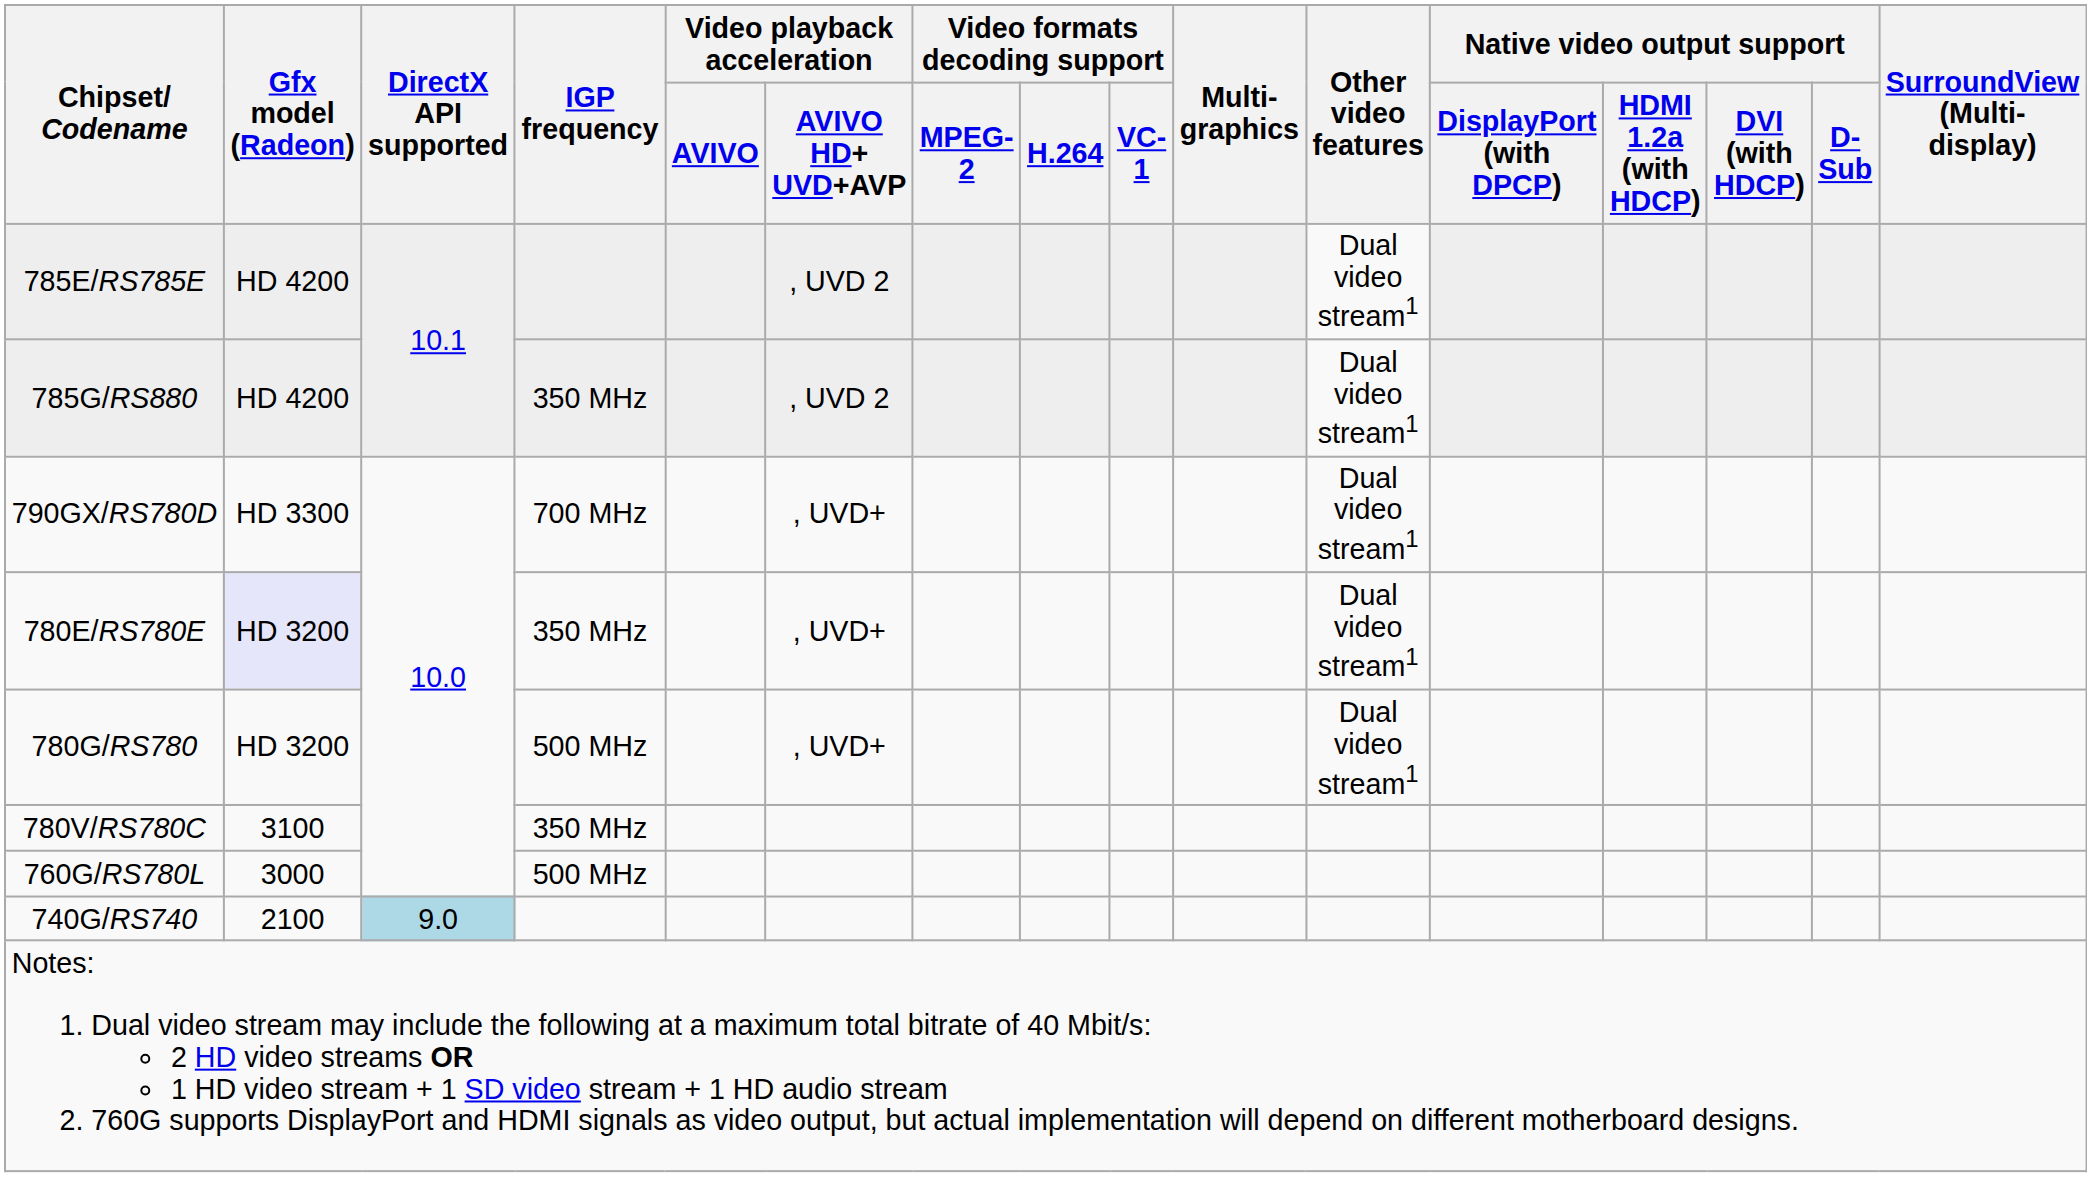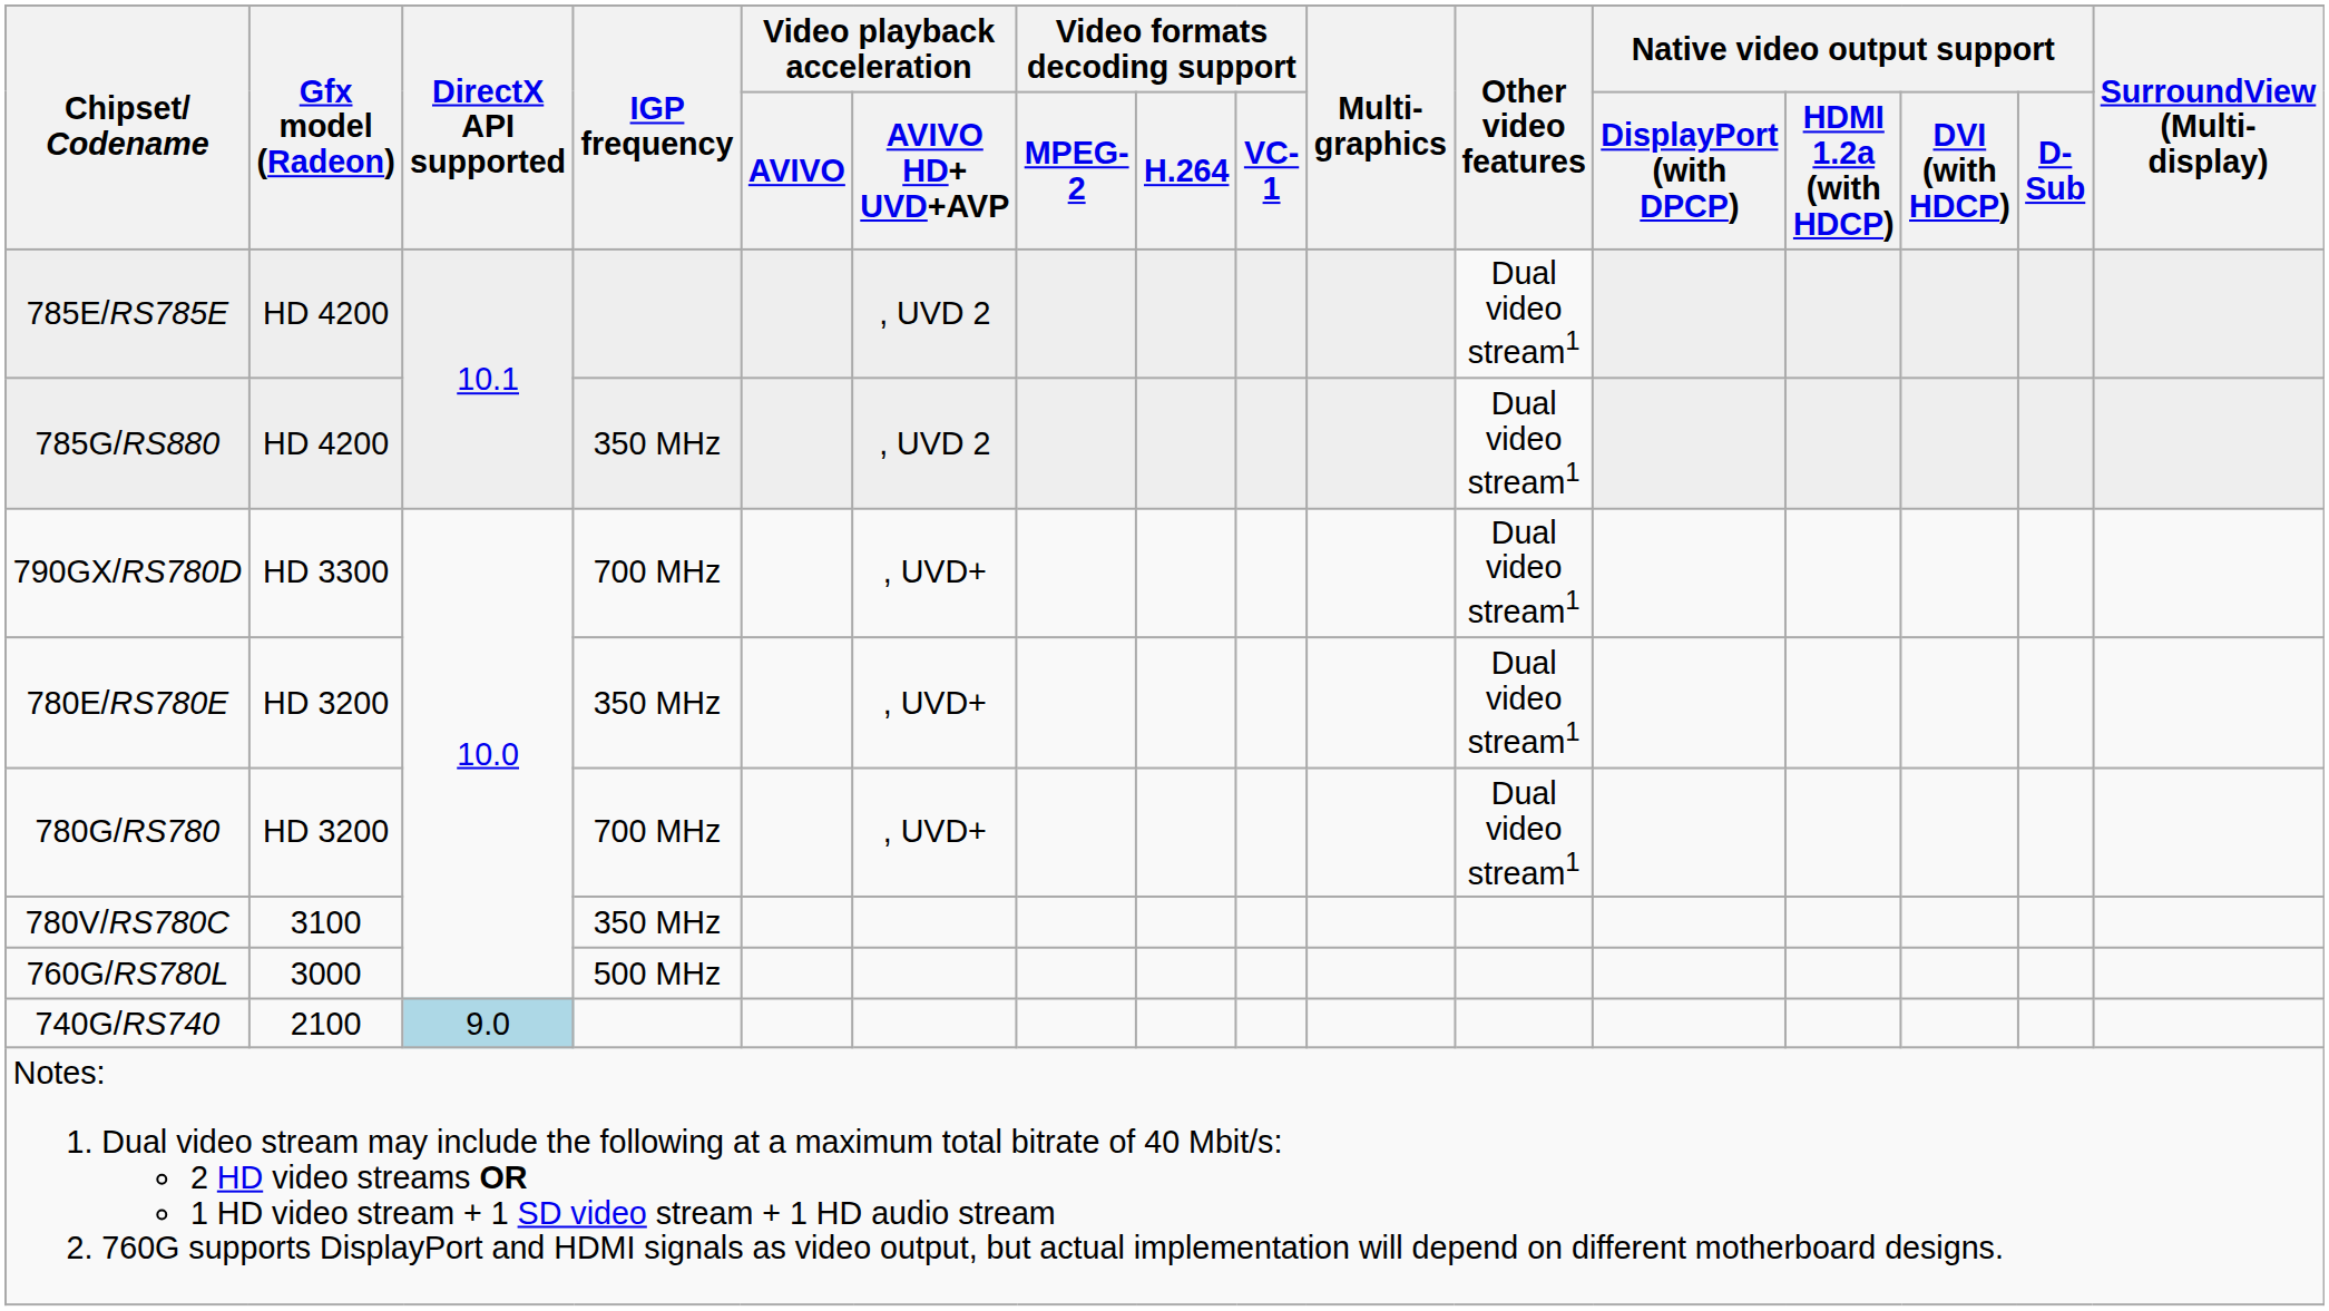 <table class="wikitable" style="margin:1em auto; font-size:90%;text-align:center;">
 <tr>
 </tr>
 <tr>
 <th rowspan="2">Chipset/<br><em>Codename</em></th>
 <th rowspan="2"><a href='#'>Gfx</a> model<br>(<a href='#'>Radeon</a>)</th>
 <th style="width:80px;" rowspan="2"><a href='#'>DirectX</a> API supported</th>
 <th rowspan="2"><a href='#'>IGP</a> frequency</th>
 <th colspan="2">Video playback<br>acceleration</th>
 <th colspan="3">Video formats<br>decoding support</th>
 <th rowspan="2">Multi-graphics</th>
 <th rowspan="2">Other video features</th>
 <th colspan="4">Native video output support</th>
 <th rowspan="2"><a href='#'>SurroundView</a><br>(Multi-display)</th>
 </tr>
 <tr>
 <th><a href='#'>AVIVO</a></th>
 <th><a href='#'>AVIVO HD</a>+<br><a href='#'>UVD</a>+AVP</th>
 <th width=50px><a href='#'>MPEG-2</a></th>
 <th><a href='#'>H.264</a></th>
 <th><a href='#'>VC-1</a></th>
 <th><a href='#'>DisplayPort</a><br>(with <a href='#'>DPCP</a>)</th>
 <th><a href='#'>HDMI 1.2a</a><br>(with <a href='#'>HDCP</a>)</th>
 <th><a href='#'>DVI</a><br>(with <a href='#'>HDCP</a>)</th>
 <th width=50px><a href='#'>D-Sub</a></th>
 </tr>
 <tr style="background:#eee;">
 <td>785E/<em>RS785E</em></td>
 <td>HD 4200</td>
 <td rowspan="2"><a href='#'>10.1</a></td>
 <td></td>
 <td></td>
 <td>, UVD 2</td>
 <td></td>
 <td></td>
 <td></td>
 <td></td>
 <td style="background:#f9f9f9;">Dual video stream<sup>1</sup></td>
 <td></td>
 <td></td>
 <td></td>
 <td></td>
 <td></td>
 </tr>
 <tr style="background:#eee;">
 <td>785G/<em>RS880</em></td>
 <td>HD 4200</td>
 <td>350 MHz</td>
 <td></td>
 <td>, UVD 2</td>
 <td></td>
 <td></td>
 <td></td>
 <td></td>
 <td style="background:#f9f9f9;">Dual video stream<sup>1</sup></td>
 <td></td>
 <td></td>
 <td></td>
 <td></td>
 <td></td>
 </tr>
 <tr>
 <td style="background:#f9f9f9;">790GX/<em>RS780D</em></td>
 <td style="background:#f9f9f9;">HD 3300</td>
 <td rowspan="5" style="background:#f9f9f9;"><a href='#'>10.0</a></td>
 <td>700 MHz</td>
 <td></td>
 <td>, UVD+</td>
 <td></td>
 <td></td>
 <td></td>
 <td></td>
 <td style="background:#f9f9f9;">Dual video stream<sup>1</sup></td>
 <td></td>
 <td></td>
 <td></td>
 <td></td>
 <td></td>
 </tr>
 <tr>
 <td style="background:#f9f9f9;">780E/<em>RS780E</em></td>
-<td style="background: lavender;">HD 3200</td>
+<td>HD 3200</td>
 <td>350 MHz</td>
 <td></td>
 <td>, UVD+</td>
 <td></td>
 <td></td>
 <td></td>
 <td></td>
 <td style="background:#f9f9f9;">Dual video stream<sup>1</sup></td>
 <td></td>
 <td></td>
 <td></td>
 <td></td>
 <td></td>
 </tr>
 <tr>
 <td style="background:#f9f9f9;">780G/<em>RS780</em></td>
 <td>HD 3200</td>
-<td>500 MHz</td>
+<td>700 MHz</td>
 <td></td>
 <td>, UVD+</td>
 <td></td>
 <td></td>
 <td></td>
 <td></td>
 <td style="background:#f9f9f9;">Dual video stream<sup>1</sup></td>
 <td></td>
 <td></td>
 <td></td>
 <td></td>
 <td></td>
 </tr>
 <tr>
 <td>780V/<em>RS780C</em></td>
 <td>3100</td>
 <td>350 MHz</td>
 <td></td>
 <td></td>
 <td></td>
 <td></td>
 <td></td>
 <td></td>
 <td></td>
 <td></td>
 <td></td>
 <td></td>
 <td></td>
 <td></td>
 </tr>
 <tr>
 <td>760G/<em>RS780L</em></td>
 <td>3000</td>
 <td>500 MHz</td>
 <td></td>
 <td></td>
 <td></td>
 <td></td>
 <td></td>
 <td></td>
 <td></td>
 <td></td>
 <td></td>
 <td></td>
 <td></td>
 <td></td>
 </tr>
 <tr>
 <td>740G/<em>RS740</em></td>
 <td>2100</td>
 <td style="background: lightblue;">9.0</td>
 <td></td>
 <td></td>
 <td></td>
 <td></td>
 <td></td>
 <td></td>
 <td></td>
 <td></td>
 <td></td>
 <td></td>
 <td></td>
 <td></td>
 <td></td>
 </tr>
 <tr>
 <td colspan="16" style="text-align:left;">Notes:<br><ol><li>Dual video stream may include the following at a maximum total bitrate of 40 Mbit/s:<ul><li>2 <a href='#'>HD</a> video streams <strong>OR</strong></li><li>1 HD video stream + 1 <a href='#'>SD video</a> stream + 1 HD audio stream</li></ul></li><li>760G supports DisplayPort and HDMI signals as video output, but actual implementation will depend on different motherboard designs.</li></ol></td>
 </tr>
 </table>
